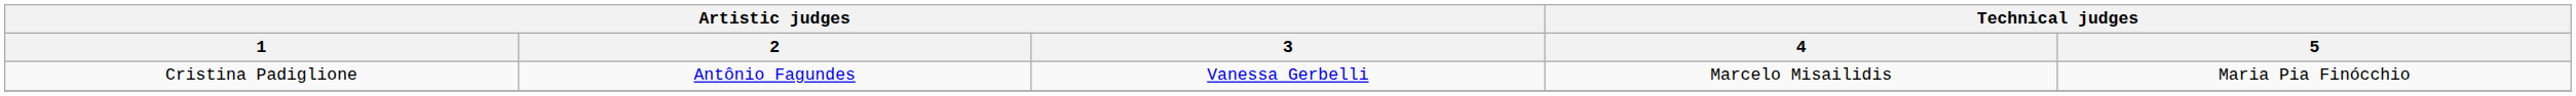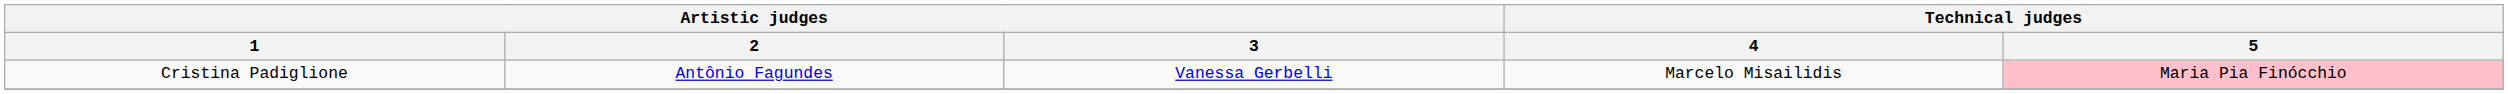 <table class="wikitable" style="font-size:100%; line-height:16px; text-align:center" width="100%">
 <tr>
 <th colspan=3>Artistic judges</th>
 <th colspan=2>Technical judges</th>
 </tr>
 <tr>
 <th>1</th>
 <th>2</th>
 <th>3</th>
 <th>4</th>
 <th>5</th>
 </tr>
 <tr>
 <td width=150>Cristina Padiglione</td>
 <td width=150><a href='#'>Antônio Fagundes</a></td>
 <td width=150><a href='#'>Vanessa Gerbelli</a></td>
 <td width=150>Marcelo Misailidis</td>
-<td width=150>Maria Pia Finócchio</td>
+<td width=150 style="background: pink;">Maria Pia Finócchio</td>
 </tr>
 <tr>
 </tr>
 </table>
